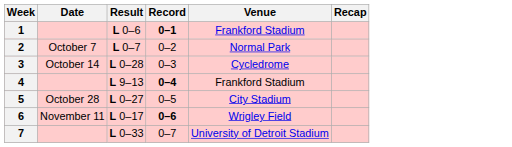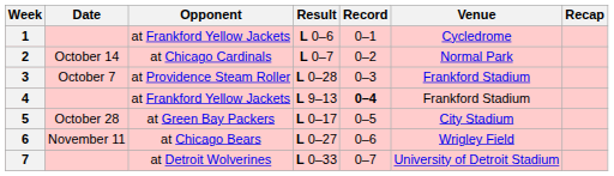 <table class="wikitable" style="text-align:center">
 <tr>
 <th>Week</th>
 <th>Date</th>
+<th>Opponent</th>
 <th>Result</th>
 <th>Record</th>
 <th>Venue</th>
 <th>Recap</th>
 </tr>
 <tr style="background: #fcc;">
 <th>1</th>
 <td></td>
+<td>at <a href='#'>Frankford Yellow Jackets</a></td>
 <td><strong>L</strong> 0–6</td>
-<td><strong>0–1</strong></td>
-<td><a href='#'>Frankford Stadium</a></td>
+<td>0–1</td>
+<td><a href='#'>Cycledrome</a></td>
 <td></td>
 </tr>
 <tr style="background: #fcc;">
 <th>2</th>
-<td>October 7</td>
+<td>October 14</td>
+<td>at <a href='#'>Chicago Cardinals</a></td>
 <td><strong>L</strong>  0–7</td>
 <td>0–2</td>
 <td><a href='#'>Normal Park</a></td>
 <td></td>
 </tr>
 <tr style="background: #fcc;">
 <th>3</th>
-<td>October 14</td>
+<td>October 7</td>
+<td>at <a href='#'> Providence Steam Roller</a></td>
 <td><strong>L</strong> 0–28</td>
 <td>0–3</td>
-<td><a href='#'>Cycledrome</a></td>
+<td><a href='#'>Frankford Stadium</a></td>
 <td></td>
 </tr>
 <tr style="background: #fcc;">
 <th>4</th>
 <td></td>
+<td>at <a href='#'>Frankford Yellow Jackets</a></td>
 <td><strong>L</strong> 9–13</td>
 <td><strong>0–4</strong></td>
 <td>Frankford Stadium</td>
 <td></td>
 </tr>
 <tr style="background: #fcc;">
 <th>5</th>
 <td>October 28</td>
-<td><strong>L</strong> 0–27</td>
+<td>at <a href='#'>Green Bay Packers</a></td>
+<td><strong>L</strong> 0–17</td>
 <td>0–5</td>
 <td><a href='#'>City Stadium</a></td>
 <td></td>
 </tr>
 <tr style="background: #fcc;">
 <th>6</th>
 <td>November 11</td>
-<td><strong>L</strong> 0–17</td>
-<td><strong>0–6</strong></td>
+<td>at <a href='#'>Chicago Bears</a></td>
+<td><strong>L</strong> 0–27</td>
+<td>0–6</td>
 <td><a href='#'>Wrigley Field</a></td>
 <td></td>
 </tr>
 <tr style="background: #fcc;">
 <th>7</th>
 <td></td>
+<td>at <a href='#'>Detroit Wolverines</a></td>
 <td><strong>L</strong> 0–33</td>
 <td>0–7</td>
 <td><a href='#'>University of Detroit Stadium</a></td>
 <td></td>
 </tr>
 </table>
